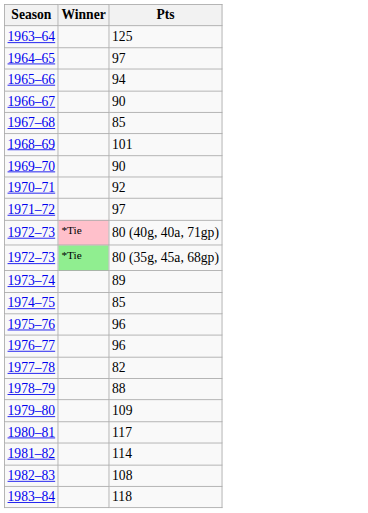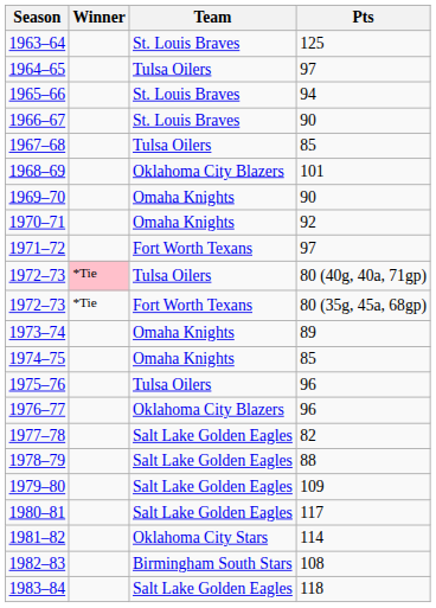 <table class="wikitable sortable" style="width=60%">
 <tr>
 <th>Season</th>
 <th>Winner</th>
+<th>Team</th>
 <th>Pts</th>
 </tr>
 <tr>
 <td><a href='#'>1963–64</a></td>
 <td></td>
+<td><a href='#'>St. Louis Braves</a></td>
 <td>125</td>
 </tr>
 <tr>
 <td><a href='#'>1964–65</a></td>
 <td></td>
+<td><a href='#'>Tulsa Oilers</a></td>
 <td>97</td>
 </tr>
 <tr>
 <td><a href='#'>1965–66</a></td>
 <td></td>
+<td><a href='#'>St. Louis Braves</a></td>
 <td>94</td>
 </tr>
 <tr>
 <td><a href='#'>1966–67</a></td>
 <td></td>
+<td><a href='#'>St. Louis Braves</a></td>
 <td>90</td>
 </tr>
 <tr>
 <td><a href='#'>1967–68</a></td>
 <td></td>
+<td><a href='#'>Tulsa Oilers</a></td>
 <td>85</td>
 </tr>
 <tr>
 <td><a href='#'>1968–69</a></td>
 <td></td>
+<td><a href='#'>Oklahoma City Blazers</a></td>
 <td>101</td>
 </tr>
 <tr>
 <td><a href='#'>1969–70</a></td>
 <td></td>
+<td><a href='#'>Omaha Knights</a></td>
 <td>90</td>
 </tr>
 <tr>
 <td><a href='#'>1970–71</a></td>
 <td></td>
+<td><a href='#'>Omaha Knights</a></td>
 <td>92</td>
 </tr>
 <tr>
 <td><a href='#'>1971–72</a></td>
 <td></td>
+<td><a href='#'>Fort Worth Texans</a></td>
 <td>97</td>
 </tr>
 <tr>
 <td><a href='#'>1972–73</a></td>
 <td style="background: pink;"><sup>*Tie</sup></td>
+<td><a href='#'>Tulsa Oilers</a></td>
 <td>80 (40g, 40a, 71gp)</td>
 </tr>
 <tr>
 <td><a href='#'>1972–73</a></td>
-<td style="background: lightgreen;"><sup>*Tie</sup></td>
+<td><sup>*Tie</sup></td>
+<td><a href='#'>Fort Worth Texans</a></td>
 <td>80 (35g, 45a, 68gp)</td>
 </tr>
 <tr>
 <td><a href='#'>1973–74</a></td>
 <td></td>
+<td><a href='#'>Omaha Knights</a></td>
 <td>89</td>
 </tr>
 <tr>
 <td><a href='#'>1974–75</a></td>
 <td></td>
+<td><a href='#'>Omaha Knights</a></td>
 <td>85</td>
 </tr>
 <tr>
 <td><a href='#'>1975–76</a></td>
 <td></td>
+<td><a href='#'>Tulsa Oilers</a></td>
 <td>96</td>
 </tr>
 <tr>
 <td><a href='#'>1976–77</a></td>
 <td></td>
+<td><a href='#'>Oklahoma City Blazers</a></td>
 <td>96</td>
 </tr>
 <tr>
 <td><a href='#'>1977–78</a></td>
 <td></td>
+<td><a href='#'>Salt Lake Golden Eagles</a></td>
 <td>82</td>
 </tr>
 <tr>
 <td><a href='#'>1978–79</a></td>
 <td></td>
+<td><a href='#'>Salt Lake Golden Eagles</a></td>
 <td>88</td>
 </tr>
 <tr>
 <td><a href='#'>1979–80</a></td>
 <td></td>
+<td><a href='#'>Salt Lake Golden Eagles</a></td>
 <td>109</td>
 </tr>
 <tr>
 <td><a href='#'>1980–81</a></td>
 <td></td>
+<td><a href='#'>Salt Lake Golden Eagles</a></td>
 <td>117</td>
 </tr>
 <tr>
 <td><a href='#'>1981–82</a></td>
 <td></td>
+<td><a href='#'>Oklahoma City Stars</a></td>
 <td>114</td>
 </tr>
 <tr>
 <td><a href='#'>1982–83</a></td>
 <td></td>
+<td><a href='#'>Birmingham South Stars</a></td>
 <td>108</td>
 </tr>
 <tr>
 <td><a href='#'>1983–84</a></td>
 <td></td>
+<td><a href='#'>Salt Lake Golden Eagles</a></td>
 <td>118</td>
 </tr>
 </table>
